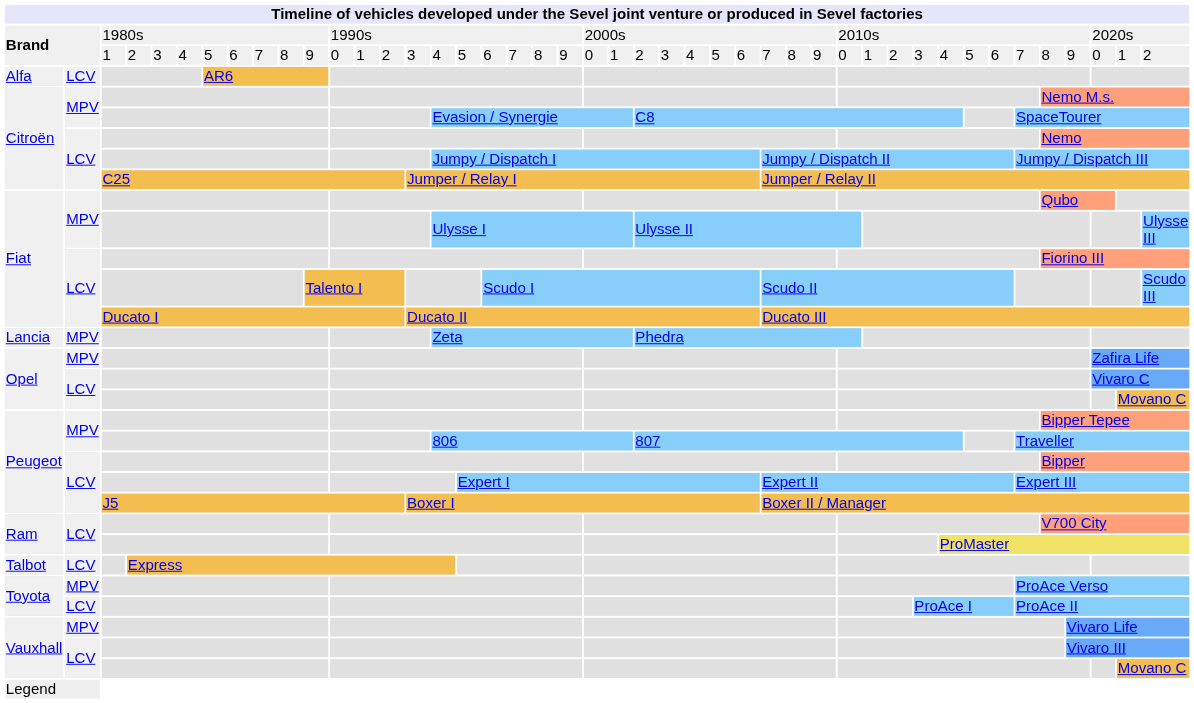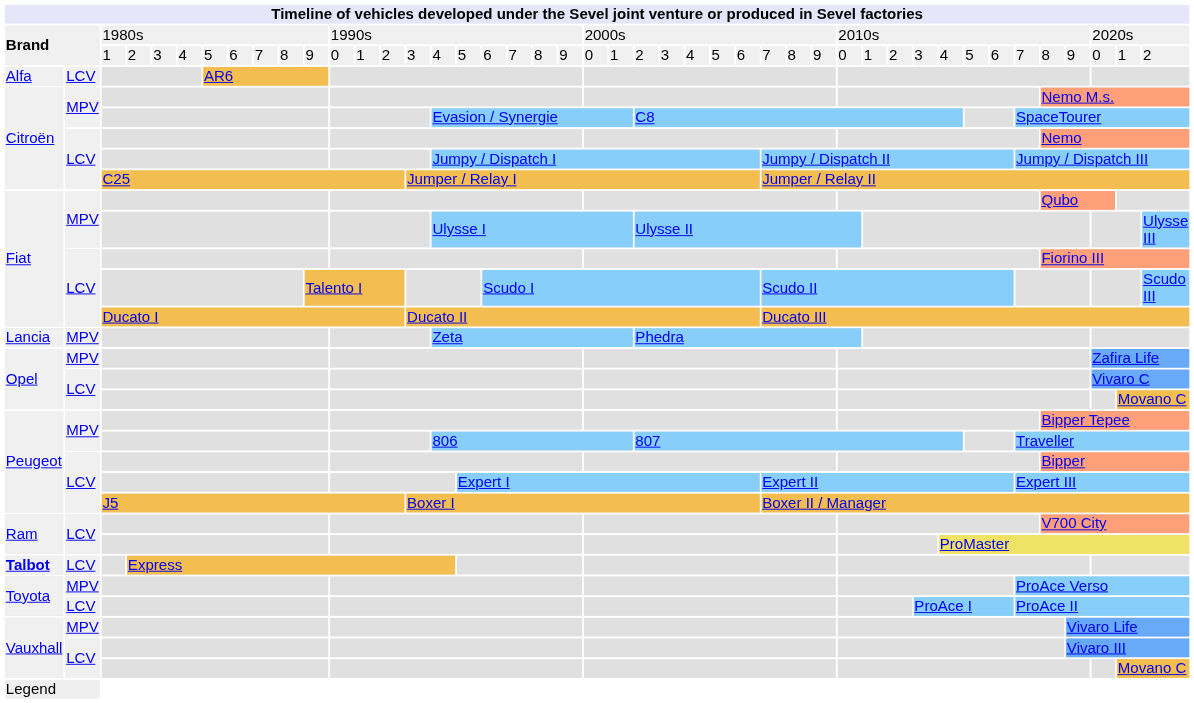 <table class="toccolours mw-collapsible">
 <tr>
 <th colspan="44" style="background:lavender">Timeline of vehicles developed under the Sevel joint venture or produced in Sevel factories</th>
 </tr>
 <tr style="background-color:#F0F0F0;">
 <td colspan= 2 rowspan= 2><strong>Brand</strong></td>
 <td colspan=9 width=20%>1980s</td>
 <td colspan=10 width=20%>1990s</td>
 <td colspan=10 width=20%>2000s</td>
 <td colspan=10 width=20%>2010s</td>
 <td colspan=3 width=20%>2020s</td>
 </tr>
 <tr style="background-color:#F0F0F0;">
 <td width=2.2%>1</td>
 <td width=2.2%>2</td>
 <td width=2.2%>3</td>
 <td width=2.2%>4</td>
 <td width=2.2%>5</td>
 <td width=2.2%>6</td>
 <td width=2.2%>7</td>
 <td width=2.2%>8</td>
 <td width=2.2%>9</td>
 <td width=2.2%>0</td>
 <td width=2.2%>1</td>
 <td width=2.2%>2</td>
 <td width=2.2%>3</td>
 <td width=2.2%>4</td>
 <td width=2.2%>5</td>
 <td width=2.2%>6</td>
 <td width=2.2%>7</td>
 <td width=2.2%>8</td>
 <td width=2.2%>9</td>
 <td width=2.2%>0</td>
 <td width=2.2%>1</td>
 <td width=2.2%>2</td>
 <td width=2.2%>3</td>
 <td width=2.2%>4</td>
 <td width=2.2%>5</td>
 <td width=2.2%>6</td>
 <td width=2.2%>7</td>
 <td width=2.2%>8</td>
 <td width=2.2%>9</td>
 <td width=2.2%>0</td>
 <td width=2.2%>1</td>
 <td width=2.2%>2</td>
 <td width=2.2%>3</td>
 <td width=2.2%>4</td>
 <td width=2.2%>5</td>
 <td width=2.2%>6</td>
 <td width=2.2%>7</td>
 <td width=2.2%>8</td>
 <td width=2.2%>9</td>
 <td width=2.2%>0</td>
 <td width=2.2%>1</td>
 <td width=2.2%>2</td>
 </tr>
 <tr style="background-color:#E0E0E0;">
 <td style="background-color:#F0F0F0"><a href='#'>Alfa</a></td>
 <td style="background-color:#F0F0F0"><a href='#'>LCV</a></td>
 <td colspan= 4></td>
 <td colspan=5 style="background-color:#F4BD50"><a href='#'>AR6</a></td>
 <td colspan= 10></td>
 <td colspan= 10></td>
 <td colspan= 10></td>
 <td colspan= 3></td>
 </tr>
 <tr style="background-color:#E0E0E0;">
 <td rowspan= 5 style="background-color:#F0F0F0"><a href='#'>Citroën</a></td>
 <td style="background-color:#F0F0F0;" rowspan=2><a href='#'>MPV</a></td>
 <td colspan= 9></td>
 <td colspan= 10></td>
 <td colspan= 10></td>
 <td colspan= 8></td>
 <td colspan= 5 style="background-color:#FFA07A"><a href='#'>Nemo M.s.</a></td>
 </tr>
 <tr style="background-color:#E0E0E0;">
 <td colspan= 9></td>
 <td colspan= 4></td>
 <td colspan= 8 style="background-color:#87CEFA"><a href='#'>Evasion / Synergie</a></td>
 <td colspan=13 style="background-color:#87CEFA"><a href='#'>C8</a></td>
 <td colspan= 2></td>
 <td colspan= 6 style="background-color:#87CEFA"><a href='#'>SpaceTourer</a></td>
 </tr>
 <tr style="background-color:#E0E0E0;">
 <td style="background-color:#F0F0F0" rowspan=3><a href='#'>LCV</a></td>
 <td colspan= 9></td>
 <td colspan= 10></td>
 <td colspan= 10></td>
 <td colspan= 8></td>
 <td colspan= 5 style="background-color:#FFA07A"><a href='#'>Nemo</a></td>
 </tr>
 <tr style="background-color:#E0E0E0;">
 <td colspan= 9></td>
 <td colspan= 4></td>
 <td colspan= 13 style="background-color:#87CEFA"><a href='#'>Jumpy / Dispatch I</a></td>
 <td colspan= 10 style="background-color:#87CEFA"><a href='#'>Jumpy / Dispatch II</a></td>
 <td colspan= 6 style="background-color:#87CEFA"><a href='#'>Jumpy / Dispatch III</a></td>
 </tr>
 <tr style="background-color:#E0E0E0;">
 <td colspan= 12 style="background-color:#F4BD50"><a href='#'>C25</a></td>
 <td colspan= 14 style="background-color:#F4BD50"><a href='#'>Jumper / Relay I</a></td>
 <td colspan= 16 style="background-color:#F4BD50"><a href='#'>Jumper / Relay II</a></td>
 </tr>
 <tr style="background-color:#E0E0E0;">
 <td rowspan= 5 style="background-color:#F0F0F0"><a href='#'>Fiat</a></td>
 <td style="background-color:#F0F0F0;" rowspan=2><a href='#'>MPV</a></td>
 <td colspan= 9></td>
 <td colspan= 10></td>
 <td colspan= 10></td>
 <td colspan= 8></td>
 <td colspan= 3 style="background-color:#FFA07A"><a href='#'>Qubo</a></td>
 <td colspan= 2></td>
 </tr>
 <tr style="background-color:#E0E0E0;">
 <td colspan= 9></td>
 <td colspan= 4></td>
 <td colspan= 8 style="background-color:#87CEFA"><a href='#'>Ulysse I</a></td>
 <td colspan= 9 style="background-color:#87CEFA"><a href='#'>Ulysse II</a></td>
 <td colspan= 9></td>
 <td colspan= 2></td>
 <td colspan= 1 style="background-color:#87CEFA"><a href='#'>Ulysse III</a></td>
 </tr>
 <tr style="background-color:#E0E0E0;">
 <td style="background-color:#F0F0F0" rowspan=3><a href='#'>LCV</a></td>
 <td colspan= 9></td>
 <td colspan= 10></td>
 <td colspan= 10></td>
 <td colspan= 8></td>
 <td colspan= 5 style="background-color:#FFA07A"><a href='#'>Fiorino III</a></td>
 </tr>
 <tr style="background-color:#E0E0E0;">
 <td colspan= 8></td>
 <td colspan= 4 style="background-color:#F4BD50"><a href='#'>Talento I</a></td>
 <td colspan= 3></td>
 <td colspan= 11 style="background-color:#87CEFA"><a href='#'>Scudo I</a></td>
 <td colspan= 10 style="background-color:#87CEFA"><a href='#'>Scudo II</a></td>
 <td colspan= 3></td>
 <td colspan= 2></td>
 <td colspan= 1 style="background-color:#87CEFA"><a href='#'>Scudo III</a></td>
 </tr>
 <tr style="background-color:#E0E0E0;">
 <td colspan= 12 style="background-color:#F4BD50"><a href='#'>Ducato I</a></td>
 <td colspan= 14 style="background-color:#F4BD50"><a href='#'>Ducato II</a></td>
 <td colspan= 16 style="background-color:#F4BD50"><a href='#'>Ducato III</a></td>
 </tr>
 <tr style="background-color:#E0E0E0;">
 <td style="background-color:#F0F0F0"><a href='#'>Lancia</a></td>
 <td style="background-color:#F0F0F0;"><a href='#'>MPV</a></td>
 <td colspan= 9></td>
 <td colspan= 4></td>
 <td colspan= 8 style="background-color:#87CEFA"><a href='#'>Zeta</a></td>
 <td colspan= 9 style="background-color:#87CEFA"><a href='#'>Phedra</a></td>
 <td colspan= 9></td>
 <td colspan= 3></td>
 </tr>
 <tr style="background-color:#E0E0E0;">
 <td style="background-color:#F0F0F0" rowspan=3><a href='#'>Opel</a></td>
 <td style="background-color:#F0F0F0"><a href='#'>MPV</a></td>
 <td colspan= 9></td>
 <td colspan= 10></td>
 <td colspan= 10></td>
 <td colspan= 10></td>
 <td colspan= 4 style="background-color:#68aaf7"><a href='#'>Zafira Life</a></td>
 </tr>
 <tr style="background-color:#E0E0E0;">
 <td style="background-color:#F0F0F0" rowspan=2><a href='#'>LCV</a></td>
 <td colspan= 9></td>
 <td colspan= 10></td>
 <td colspan= 10></td>
 <td colspan= 10></td>
 <td colspan= 4 style="background-color:#68aaf7"><a href='#'>Vivaro C</a></td>
 </tr>
 <tr style="background-color:#E0E0E0;">
 <td colspan= 9></td>
 <td colspan= 10></td>
 <td colspan= 10></td>
 <td colspan= 10></td>
 <td colspan= 1></td>
 <td colspan= 2 style="background-color:#F4BD50"><a href='#'>Movano C</a></td>
 </tr>
 <tr style="background-color:#E0E0E0;">
 <td rowspan= 5 style="background-color:#F0F0F0"><a href='#'>Peugeot</a></td>
 <td style="background-color:#F0F0F0;" rowspan=2><a href='#'>MPV</a></td>
 <td colspan= 9></td>
 <td colspan= 10></td>
 <td colspan= 10></td>
 <td colspan= 8></td>
 <td colspan= 5 style="background-color:#FFA07A"><a href='#'>Bipper Tepee</a></td>
 </tr>
 <tr style="background-color:#E0E0E0;">
 <td colspan= 9></td>
 <td colspan= 4></td>
 <td colspan= 8 style="background-color:#87CEFA"><a href='#'>806</a></td>
 <td colspan=13 style="background-color:#87CEFA"><a href='#'>807</a></td>
 <td colspan= 2></td>
 <td colspan= 6 style="background-color:#87CEFA"><a href='#'>Traveller</a></td>
 </tr>
 <tr style="background-color:#E0E0E0;">
 <td style="background-color:#F0F0F0" rowspan=3><a href='#'>LCV</a></td>
 <td colspan= 9></td>
 <td colspan= 10></td>
 <td colspan= 10></td>
 <td colspan= 8></td>
 <td colspan= 5 style="background-color:#FFA07A"><a href='#'>Bipper</a></td>
 </tr>
 <tr style="background-color:#E0E0E0;">
 <td colspan= 9></td>
 <td colspan= 5></td>
 <td colspan= 12 style="background-color:#87CEFA"><a href='#'>Expert I</a></td>
 <td colspan= 10 style="background-color:#87CEFA"><a href='#'>Expert II</a></td>
 <td colspan= 6 style="background-color:#87CEFA"><a href='#'>Expert III</a></td>
 </tr>
 <tr style="background-color:#E0E0E0;">
 <td colspan= 12 style="background-color:#F4BD50"><a href='#'>J5</a></td>
 <td colspan= 14 style="background-color:#F4BD50"><a href='#'>Boxer I</a></td>
 <td colspan= 16 style="background-color:#F4BD50"><a href='#'>Boxer II / Manager</a></td>
 </tr>
 <tr style="background-color:#E0E0E0;">
 <td rowspan= 2 style="background-color:#F0F0F0"><a href='#'>Ram</a></td>
 <td style="background-color:#F0F0F0" rowspan=2><a href='#'>LCV</a></td>
 <td colspan= 9></td>
 <td colspan= 10></td>
 <td colspan= 10></td>
 <td colspan= 8></td>
 <td colspan= 5 style="background-color:#FFA07A"><a href='#'>V700 City</a></td>
 </tr>
 <tr style="background-color:#E0E0E0;">
 <td colspan= 9></td>
 <td colspan= 10></td>
 <td colspan= 10></td>
 <td colspan= 4></td>
 <td colspan= 9 style="background-color:#f0e265"><a href='#'>ProMaster</a></td>
 </tr>
 <tr style="background-color:#E0E0E0;">
-<td style="background-color:#F0F0F0"><a href='#'>Talbot</a></td>
+<td style="background-color:#F0F0F0"><strong><a href='#'>Talbot</a></strong></td>
 <td style="background-color:#F0F0F0"><a href='#'>LCV</a></td>
 <td colspan= 1></td>
 <td colspan= 13 style="background-color:#F4BD50"><a href='#'>Express</a></td>
 <td colspan= 5></td>
 <td colspan= 10></td>
 <td colspan= 10></td>
 <td colspan= 3></td>
 </tr>
 <tr style="background-color:#E0E0E0;">
 <td rowspan= 2 style="background-color:#F0F0F0"><a href='#'>Toyota</a></td>
 <td style="background-color:#F0F0F0;"><a href='#'>MPV</a></td>
 <td colspan= 9></td>
 <td colspan= 10></td>
 <td colspan= 10></td>
 <td colspan= 7></td>
 <td colspan= 6 style="background-color:#87CEFA"><a href='#'>ProAce Verso</a></td>
 </tr>
 <tr style="background-color:#E0E0E0;">
 <td style="background-color:#F0F0F0"><a href='#'>LCV</a></td>
 <td colspan= 9></td>
 <td colspan= 10></td>
 <td colspan= 10></td>
 <td colspan= 3></td>
 <td colspan= 4 style="background-color:#87CEFA"><a href='#'>ProAce I</a></td>
 <td colspan= 6 style="background-color:#87CEFA"><a href='#'>ProAce II</a></td>
 </tr>
 <tr style="background-color:#E0E0E0;">
 <td style="background-color:#F0F0F0" rowspan=3><a href='#'>Vauxhall</a></td>
 <td style="background-color:#F0F0F0"><a href='#'>MPV</a></td>
 <td colspan= 9></td>
 <td colspan= 10></td>
 <td colspan= 10></td>
 <td colspan= 9></td>
 <td colspan= 4 style="background-color:#68aaf7"><a href='#'>Vivaro Life</a></td>
 </tr>
 <tr style="background-color:#E0E0E0;">
 <td style="background-color:#F0F0F0" rowspan=2><a href='#'>LCV</a></td>
 <td colspan= 9></td>
 <td colspan= 10></td>
 <td colspan= 10></td>
 <td colspan= 9></td>
 <td colspan= 4 style="background-color:#68aaf7"><a href='#'>Vivaro III</a></td>
 </tr>
 <tr style="background-color:#E0E0E0;">
 <td colspan= 9></td>
 <td colspan= 10></td>
 <td colspan= 10></td>
 <td colspan= 10></td>
 <td colspan= 1></td>
 <td colspan= 2 style="background-color:#F4BD50"><a href='#'>Movano C</a></td>
 </tr>
 <tr>
 <td colspan= 2 style="background-color:#EFEFEF">Legend</td>
 <td colspan= 40 style="text-align:left;"><br></td>
 </tr>
 </table>
